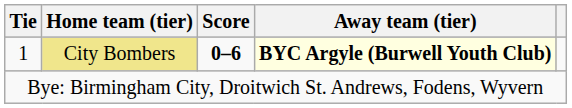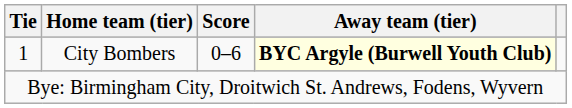 <table class="wikitable" style="text-align:center; font-size:85%">
 <tr>
 <th>Tie</th>
 <th>Home team (tier)</th>
 <th>Score</th>
 <th>Away team (tier)</th>
 <th></th>
 </tr>
 <tr>
 <td align="center">1</td>
-<td style="background: khaki;">City Bombers</td>
-<td align="center"><strong>0–6</strong></td>
+<td>City Bombers</td>
+<td align="center">0–6</td>
 <td style="background: lightyellow;"><strong>BYC Argyle (Burwell Youth Club)</strong></td>
 <td></td>
 </tr>
 <tr>
 <td colspan="5" align="center">Bye: Birmingham City, Droitwich St. Andrews, Fodens, Wyvern</td>
 </tr>
 </table>
